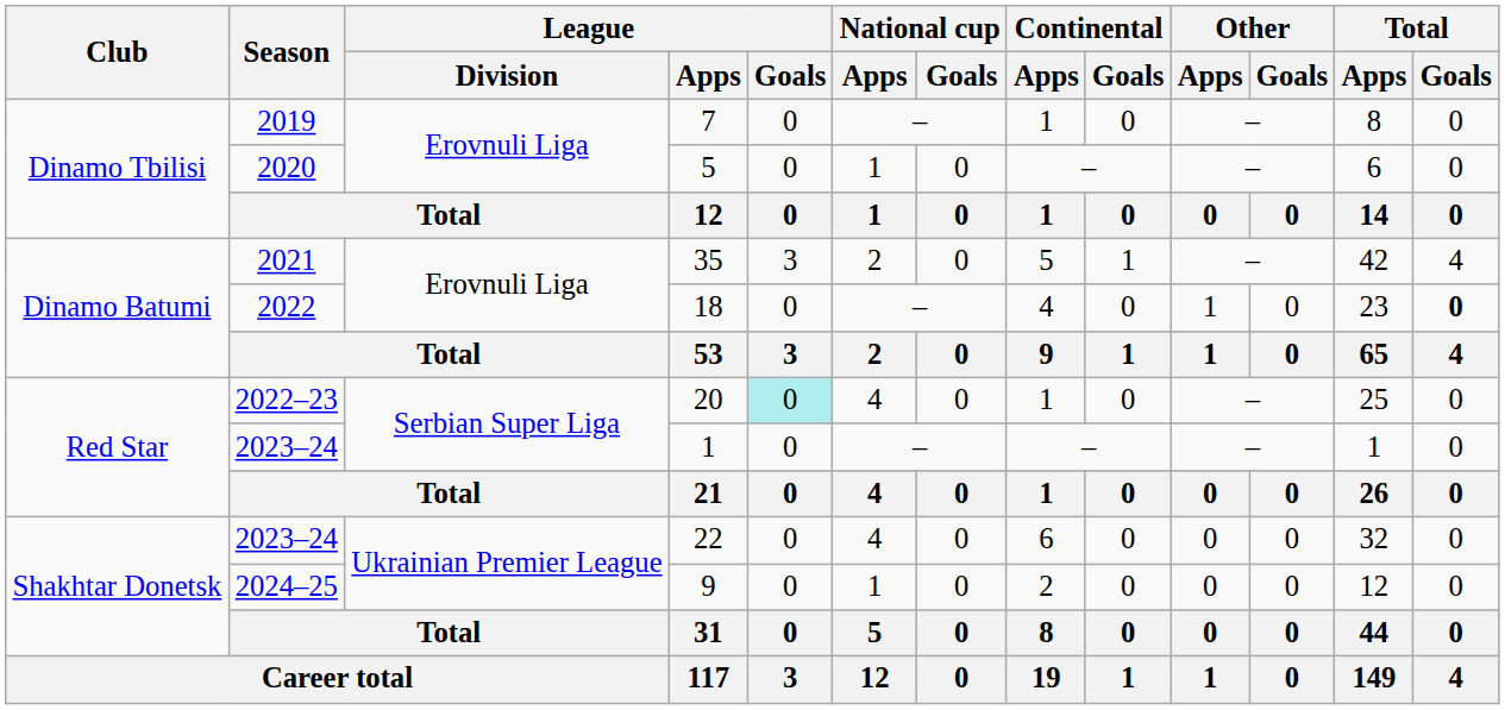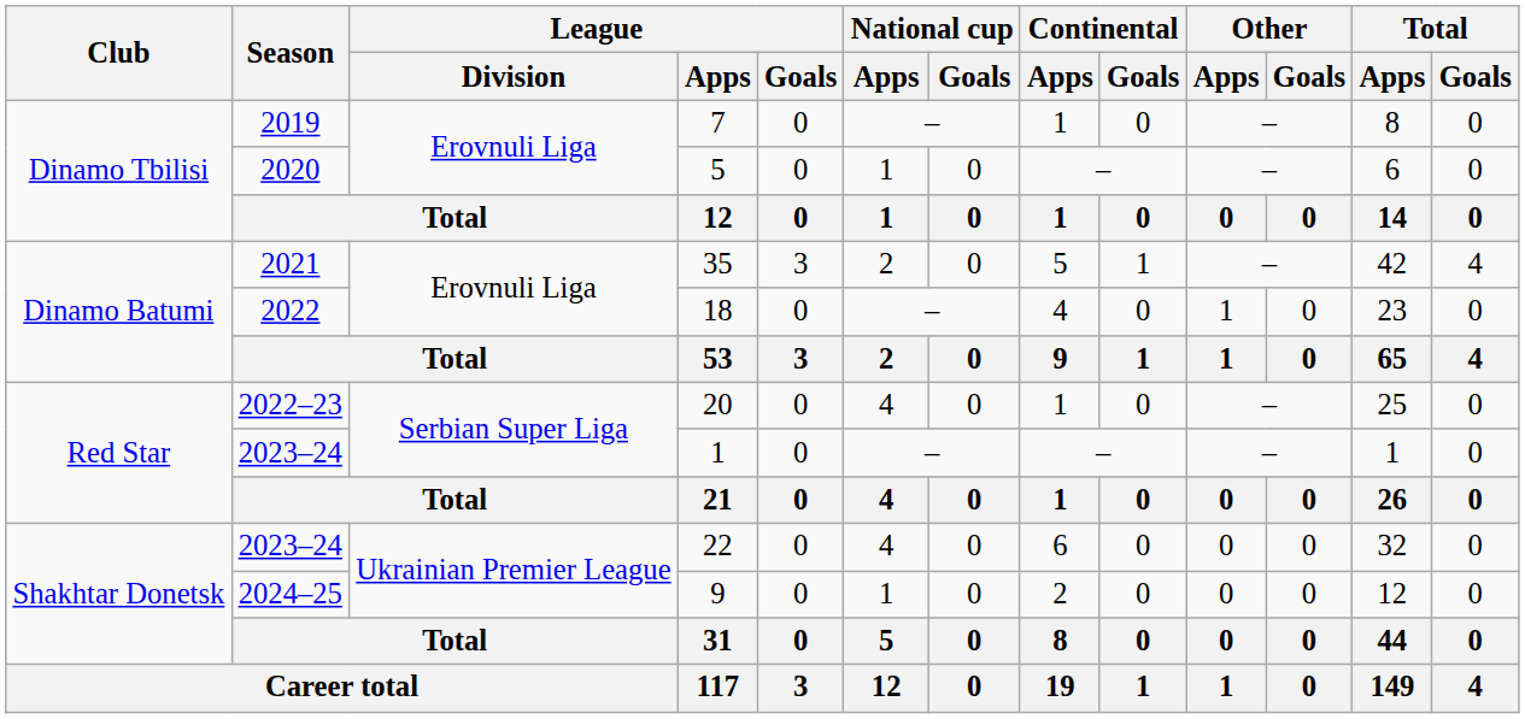 <table class="wikitable" style="text-align:center">
 <tr>
 <th rowspan="2">Club</th>
 <th rowspan="2">Season</th>
 <th colspan="3">League</th>
 <th colspan="2">National cup</th>
 <th colspan="2">Continental</th>
 <th colspan="2">Other</th>
 <th colspan="2">Total</th>
 </tr>
 <tr>
 <th>Division</th>
 <th>Apps</th>
 <th>Goals</th>
 <th>Apps</th>
 <th>Goals</th>
 <th>Apps</th>
 <th>Goals</th>
 <th>Apps</th>
 <th>Goals</th>
 <th>Apps</th>
 <th>Goals</th>
 </tr>
 <tr>
 <td rowspan="3"><a href='#'>Dinamo Tbilisi</a></td>
 <td><a href='#'>2019</a></td>
 <td rowspan="2"><a href='#'>Erovnuli Liga</a></td>
 <td>7</td>
 <td>0</td>
 <td colspan="2">–</td>
 <td>1</td>
 <td>0</td>
 <td colspan="2">–</td>
 <td>8</td>
 <td>0</td>
 </tr>
 <tr>
 <td><a href='#'>2020</a></td>
 <td>5</td>
 <td>0</td>
 <td>1</td>
 <td>0</td>
 <td colspan="2">–</td>
 <td colspan="2">–</td>
 <td>6</td>
 <td>0</td>
 </tr>
 <tr>
 <th colspan="2">Total</th>
 <th>12</th>
 <th>0</th>
 <th>1</th>
 <th>0</th>
 <th>1</th>
 <th>0</th>
 <th>0</th>
 <th>0</th>
 <th>14</th>
 <th>0</th>
 </tr>
 <tr>
 <td rowspan="3"><a href='#'>Dinamo Batumi</a></td>
 <td><a href='#'>2021</a></td>
 <td rowspan="2">Erovnuli Liga</td>
 <td>35</td>
 <td>3</td>
 <td>2</td>
 <td>0</td>
 <td>5</td>
 <td>1</td>
 <td colspan="2">–</td>
 <td>42</td>
 <td>4</td>
 </tr>
 <tr>
 <td><a href='#'>2022</a></td>
 <td>18</td>
 <td>0</td>
 <td colspan="2">–</td>
 <td>4</td>
 <td>0</td>
 <td>1</td>
 <td>0</td>
 <td>23</td>
-<td><strong>0</strong></td>
+<td>0</td>
 </tr>
 <tr>
 <th colspan="2">Total</th>
 <th>53</th>
 <th>3</th>
 <th>2</th>
 <th>0</th>
 <th>9</th>
 <th>1</th>
 <th>1</th>
 <th>0</th>
 <th>65</th>
 <th>4</th>
 </tr>
 <tr>
 <td rowspan="3"><a href='#'>Red Star</a></td>
 <td><a href='#'>2022–23</a></td>
 <td rowspan="2"><a href='#'>Serbian Super Liga</a></td>
 <td>20</td>
-<td style="background: paleturquoise;">0</td>
+<td>0</td>
 <td>4</td>
 <td>0</td>
 <td>1</td>
 <td>0</td>
 <td colspan="2">–</td>
 <td>25</td>
 <td>0</td>
 </tr>
 <tr>
 <td><a href='#'>2023–24</a></td>
 <td>1</td>
 <td>0</td>
 <td colspan="2">–</td>
 <td colspan="2">–</td>
 <td colspan="2">–</td>
 <td>1</td>
 <td>0</td>
 </tr>
 <tr>
 <th colspan="2">Total</th>
 <th>21</th>
 <th>0</th>
 <th>4</th>
 <th>0</th>
 <th>1</th>
 <th>0</th>
 <th>0</th>
 <th>0</th>
 <th>26</th>
 <th>0</th>
 </tr>
 <tr>
 <td rowspan="3"><a href='#'>Shakhtar Donetsk</a></td>
 <td><a href='#'>2023–24</a></td>
 <td rowspan="2"><a href='#'>Ukrainian Premier League</a></td>
 <td>22</td>
 <td>0</td>
 <td>4</td>
 <td>0</td>
 <td>6</td>
 <td>0</td>
 <td>0</td>
 <td>0</td>
 <td>32</td>
 <td>0</td>
 </tr>
 <tr>
 <td><a href='#'>2024–25</a></td>
 <td>9</td>
 <td>0</td>
 <td>1</td>
 <td>0</td>
 <td>2</td>
 <td>0</td>
 <td>0</td>
 <td>0</td>
 <td>12</td>
 <td>0</td>
 </tr>
 <tr>
 <th colspan="2">Total</th>
 <th>31</th>
 <th>0</th>
 <th>5</th>
 <th>0</th>
 <th>8</th>
 <th>0</th>
 <th>0</th>
 <th>0</th>
 <th>44</th>
 <th>0</th>
 </tr>
 <tr>
 <th colspan="3">Career total</th>
 <th>117</th>
 <th>3</th>
 <th>12</th>
 <th>0</th>
 <th>19</th>
 <th>1</th>
 <th>1</th>
 <th>0</th>
 <th>149</th>
 <th>4</th>
 </tr>
 </table>
